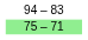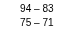 <table style="text-align:center;">
 <tr>
 <th width=200></th>
 <th width=100></th>
 <th width=200></th>
 <th></th>
 </tr>
 <tr>
 <td align=right><strong></strong></td>
 <td>94 – 83</td>
 <td align=left></td>
 </tr>
 <tr>
 <td align=right><strong></strong></td>
-<td style="background: lightgreen;">75 – 71</td>
+<td>75 – 71</td>
 <td align=left></td>
 </tr>
 </table>
